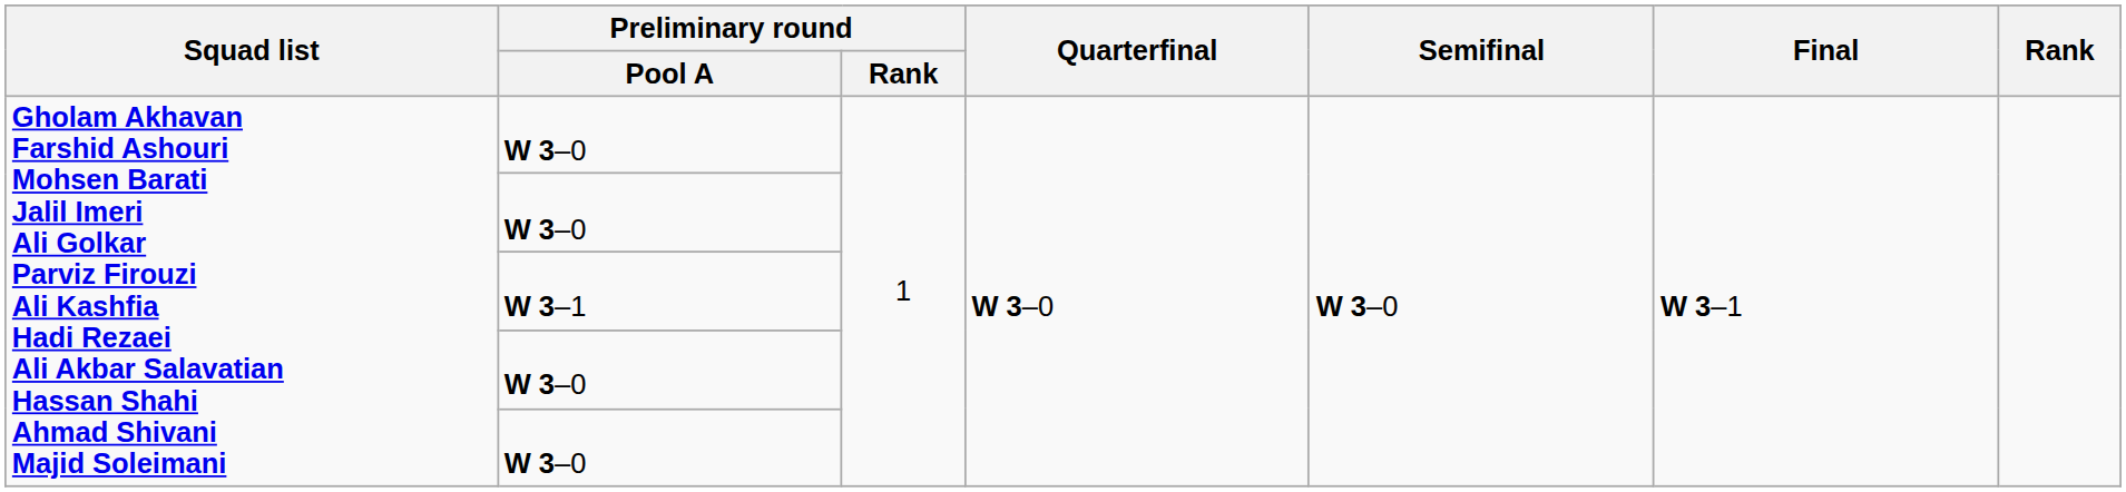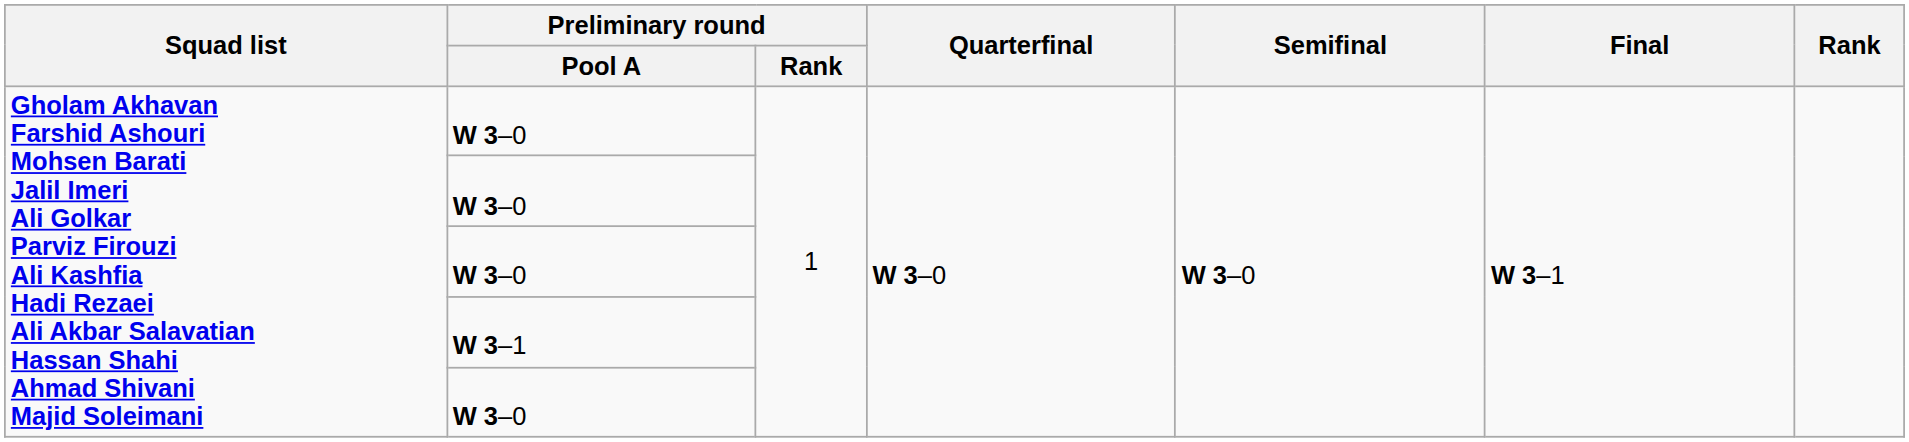 <table class="wikitable" width="85%" style="text-align:left; font-size:90%">
 <tr>
 <th rowspan="2" width="20%">Squad list</th>
 <th colspan="2">Preliminary round</th>
 <th rowspan="2" width="14%">Quarterfinal</th>
 <th rowspan="2" width="14%">Semifinal</th>
 <th rowspan="2" width="14%">Final</th>
 <th rowspan="2" width="5%">Rank</th>
 </tr>
 <tr>
 <th width="14%">Pool A</th>
 <th width="5%">Rank</th>
 </tr>
 <tr>
 <td rowspan="5"><strong><a href='#'>Gholam Akhavan</a><br><a href='#'>Farshid Ashouri</a><br><a href='#'>Mohsen Barati</a><br><a href='#'>Jalil Imeri</a><br><a href='#'>Ali Golkar</a><br><a href='#'>Parviz Firouzi</a><br><a href='#'>Ali Kashfia</a><br><a href='#'>Hadi Rezaei</a><br><a href='#'>Ali Akbar Salavatian</a><br><a href='#'>Hassan Shahi</a><br><a href='#'>Ahmad Shivani</a><br><a href='#'>Majid Soleimani</a></strong></td>
 <td><br><strong>W</strong> <strong>3</strong>–0</td>
 <td rowspan="5" align=center>1 <strong></strong></td>
 <td rowspan="5"><br><strong>W</strong> <strong>3</strong>–0</td>
 <td rowspan="5"><br><strong>W</strong> <strong>3</strong>–0</td>
 <td rowspan="5"><br><strong>W</strong> <strong>3</strong>–1</td>
 <td rowspan="5" align="center"></td>
 </tr>
 <tr>
 <td><br><strong>W</strong> <strong>3</strong>–0</td>
 </tr>
 <tr>
+<td><br><strong>W</strong> <strong>3</strong>–0</td>
+</tr>
+<tr>
 <td><br><strong>W</strong> <strong>3</strong>–1</td>
 </tr>
 <tr>
 <td><br><strong>W</strong> <strong>3</strong>–0</td>
 </tr>
-<tr>
-<td><br><strong>W</strong> <strong>3</strong>–0</td>
-</tr>
 </table>
